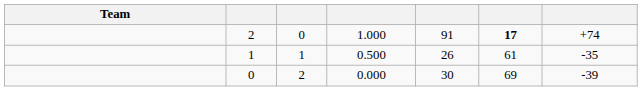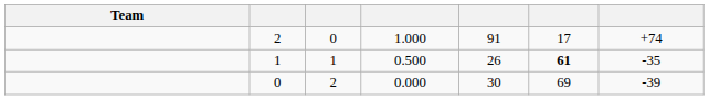 <table class="wikitable" style="text-align:center; width:50%">
 <tr>
 <th width="35%">Team</th>
 <th width="8%"></th>
 <th width="8%"></th>
 <th width="14%"></th>
 <th width="10%"></th>
 <th width="10%"></th>
 <th width="15%"></th>
 </tr>
 <tr>
 <td style="text-align:left;"></td>
 <td>2</td>
 <td>0</td>
 <td>1.000</td>
 <td>91</td>
-<td><strong>17</strong></td>
+<td>17</td>
 <td>+74</td>
 </tr>
 <tr>
 <td style="text-align:left;"></td>
 <td>1</td>
 <td>1</td>
 <td>0.500</td>
 <td>26</td>
-<td>61</td>
+<td><strong>61</strong></td>
 <td>-35</td>
 </tr>
 <tr>
 <td style="text-align:left;"></td>
 <td>0</td>
 <td>2</td>
 <td>0.000</td>
 <td>30</td>
 <td>69</td>
 <td>-39</td>
 </tr>
 </table>
